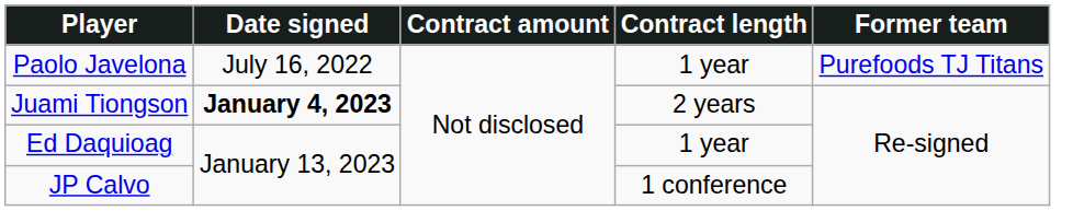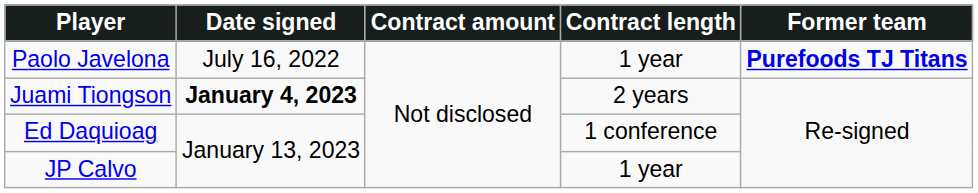 <table class="wikitable sortable sortable">
 <tr>
 <th style="background:#181E1C; color:#FFFFFF; ">Player</th>
 <th style="background:#181E1C; color:#FFFFFF; ">Date signed</th>
 <th style="background:#181E1C; color:#FFFFFF; ">Contract amount</th>
 <th style="background:#181E1C; color:#FFFFFF; ">Contract length</th>
 <th style="background:#181E1C; color:#FFFFFF; ">Former team</th>
 </tr>
 <tr>
 <td align=center><a href='#'>Paolo Javelona</a></td>
 <td align=center>July 16, 2022</td>
 <td align=center rowspan=4>Not disclosed</td>
 <td align=center>1 year</td>
-<td align=center><a href='#'>Purefoods TJ Titans</a> </td>
+<td align=center><strong><a href='#'>Purefoods TJ Titans</a> </strong></td>
 </tr>
 <tr>
 <td align=center><a href='#'>Juami Tiongson</a></td>
 <td align=center><strong>January 4, 2023</strong></td>
 <td align=center>2 years</td>
 <td align=center rowspan=3>Re-signed</td>
 </tr>
 <tr>
 <td align=center><a href='#'>Ed Daquioag</a></td>
 <td align=center rowspan=2>January 13, 2023</td>
-<td align=center>1 year</td>
+<td align=center>1 conference</td>
 </tr>
 <tr>
 <td align=center><a href='#'>JP Calvo</a></td>
-<td align=center>1 conference</td>
+<td align=center>1 year</td>
 </tr>
 </table>
